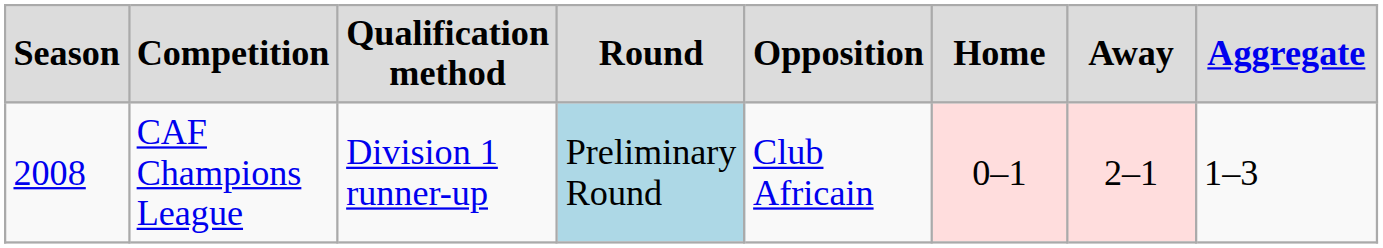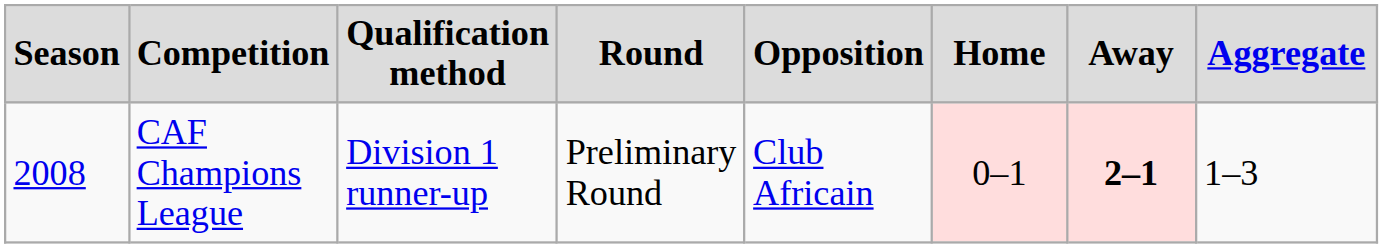 <table class="sortable plainrowheaders wikitable">
 <tr>
 <th style="background:#DCDCDC">Season</th>
 <th style="background:#DCDCDC">Competition</th>
 <th style="background:#DCDCDC">Qualification method</th>
 <th style="background:#DCDCDC">Round</th>
 <th style="background:#DCDCDC">Opposition</th>
 <th width="80" style="background:#DCDCDC">Home</th>
 <th width="80" style="background:#DCDCDC">Away</th>
 <th width="80" style="background:#DCDCDC"><a href='#'>Aggregate</a></th>
 </tr>
 <tr>
 <td rowspan=3><a href='#'>2008</a></td>
 <td rowspan=3><a href='#'>CAF Champions League</a></td>
 <td rowspan=3><a href='#'>Division 1 runner-up</a></td>
-<td align=left style="background: lightblue;">Preliminary Round</td>
+<td align=left>Preliminary Round</td>
 <td align=left> <a href='#'>Club Africain</a></td>
 <td style="background:#fdd; text-align:center">0–1</td>
-<td style="background:#fdd; text-align:center">2–1</td>
+<td style="background:#fdd; text-align:center"><strong>2–1</strong></td>
 <td>1–3</td>
 </tr>
 </table>
